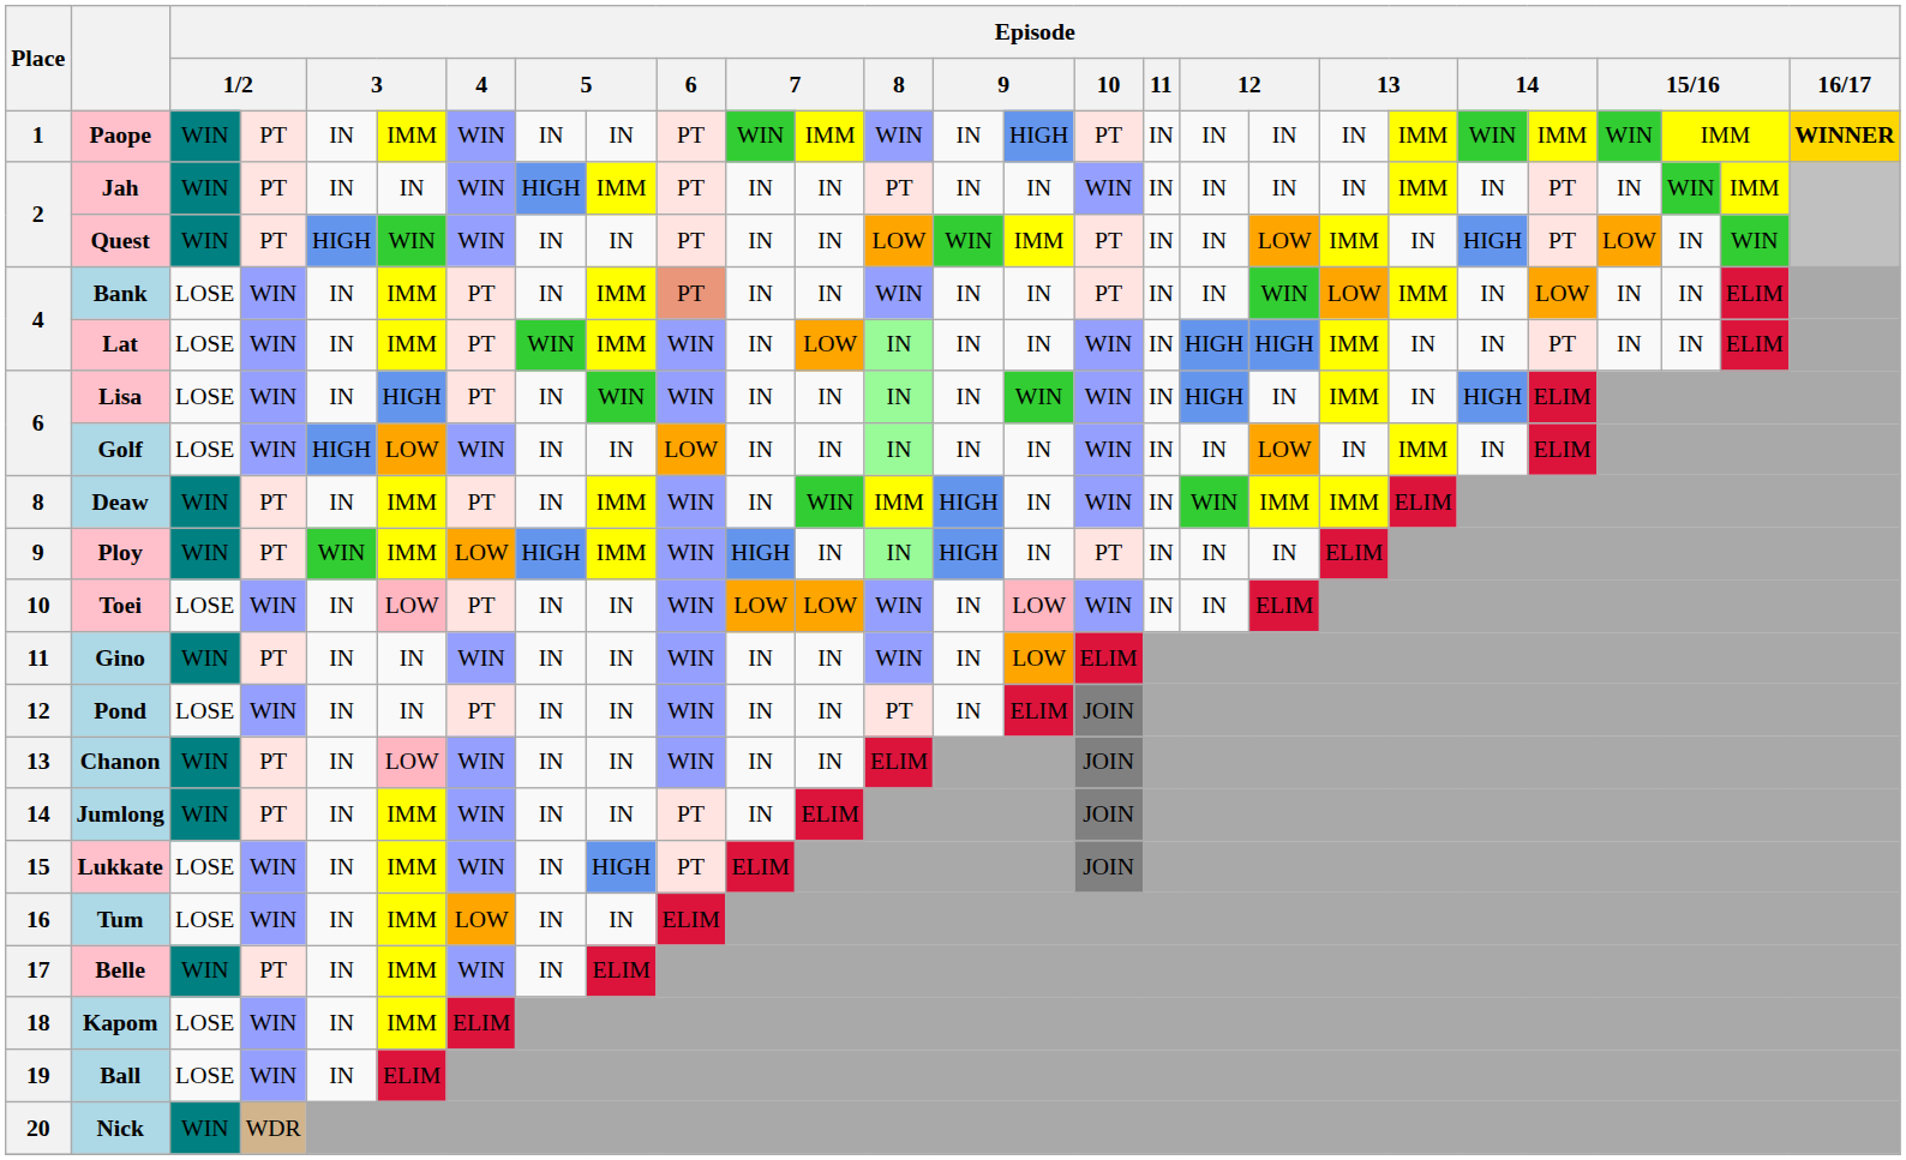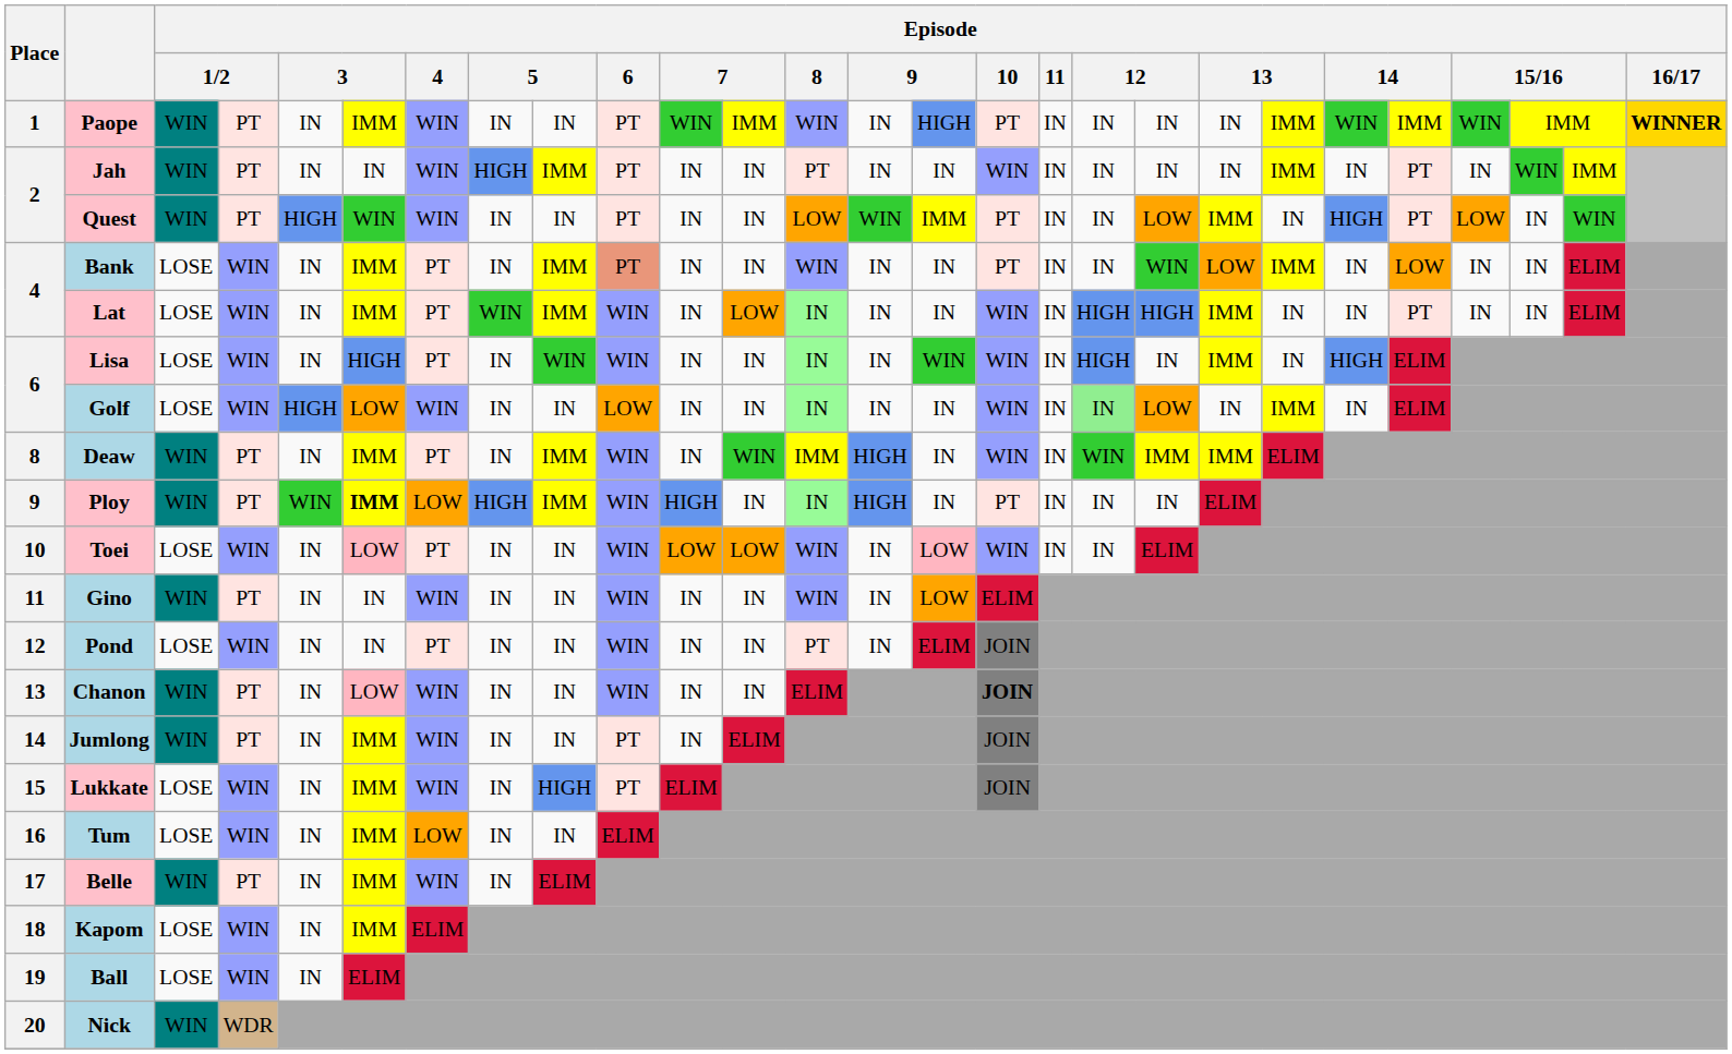 <table class="wikitable" style="text-align: center; font-size:90%; line-height:25px;">
 <tr>
 <th rowspan="2">Place</th>
 <th rowspan="2"></th>
 <th colspan="30">Episode</th>
 </tr>
 <tr>
 <th colspan="2">1/2</th>
 <th colspan="2">3</th>
 <th colspan="1">4</th>
 <th colspan="2">5</th>
 <th colspan="1">6</th>
 <th colspan="2">7</th>
 <th colspan="1">8</th>
 <th colspan="2">9</th>
 <th colspan="1">10</th>
 <th colspan="1">11</th>
 <th colspan="2">12</th>
 <th colspan="2">13</th>
 <th colspan="2">14</th>
 <th colspan="3">15/16</th>
 <th colspan="2">16/17</th>
 </tr>
 <tr>
 <th>1</th>
 <th style="background:pink;">Paope</th>
 <td style="background:teal;">WIN</td>
 <td style="background:mistyrose;">PT</td>
 <td>IN</td>
 <td style="background:yellow;">IMM</td>
 <td style="background:#959FFD;">WIN</td>
 <td>IN</td>
 <td>IN</td>
 <td style="background:mistyrose;">PT</td>
 <td style="background:limegreen;">WIN</td>
 <td style="background:yellow;">IMM</td>
 <td style="background:#959FFD;">WIN</td>
 <td>IN</td>
 <td style="background:cornflowerblue;">HIGH</td>
 <td style="background:mistyrose;">PT</td>
 <td>IN</td>
 <td>IN</td>
 <td>IN</td>
 <td>IN</td>
 <td style="background:yellow;">IMM</td>
 <td style="background:limegreen;">WIN</td>
 <td style="background:yellow;">IMM</td>
 <td style="background:limegreen;">WIN</td>
 <td colspan="2" style="background:yellow;">IMM</td>
 <td style="background:gold;"><strong>WINNER</strong></td>
 </tr>
 <tr>
 <th rowspan="2">2</th>
 <th style="background:pink;">Jah</th>
 <td style="background:teal;">WIN</td>
 <td style="background:mistyrose;">PT</td>
 <td>IN</td>
 <td>IN</td>
 <td style="background:#959FFD;">WIN</td>
 <td style="background:cornflowerblue;">HIGH</td>
 <td style="background:yellow;">IMM</td>
 <td style="background:mistyrose;">PT</td>
 <td>IN</td>
 <td>IN</td>
 <td style="background:mistyrose;">PT</td>
 <td>IN</td>
 <td>IN</td>
 <td style="background:#959FFD;">WIN</td>
 <td>IN</td>
 <td>IN</td>
 <td>IN</td>
 <td>IN</td>
 <td style="background:yellow;">IMM</td>
 <td>IN</td>
 <td style="background:mistyrose;">PT</td>
 <td>IN</td>
 <td style="background:limegreen;">WIN</td>
 <td style="background:yellow;">IMM</td>
 <td rowspan=2 bgcolor="silver"></td>
 </tr>
 <tr>
 <th style="background:pink;">Quest</th>
 <td style="background:teal;">WIN</td>
 <td style="background:mistyrose;">PT</td>
 <td style="background:cornflowerblue;">HIGH</td>
 <td style="background:limegreen;">WIN</td>
 <td style="background:#959FFD;">WIN</td>
 <td>IN</td>
 <td>IN</td>
 <td style="background:mistyrose;">PT</td>
 <td>IN</td>
 <td>IN</td>
 <td style="background:orange;">LOW</td>
 <td style="background:limegreen;">WIN</td>
 <td style="background:yellow;">IMM</td>
 <td style="background:mistyrose;">PT</td>
 <td>IN</td>
 <td>IN</td>
 <td style="background:orange;">LOW</td>
 <td style="background:yellow;">IMM</td>
 <td>IN</td>
 <td style="background:cornflowerblue;">HIGH</td>
 <td style="background:mistyrose;">PT</td>
 <td style="background:orange;">LOW</td>
 <td>IN</td>
 <td style="background:limegreen;">WIN</td>
 </tr>
 <tr>
 <th rowspan="2">4</th>
 <th style="background:lightblue;">Bank</th>
 <td>LOSE</td>
 <td style="background:#959FFD;">WIN</td>
 <td>IN</td>
 <td style="background:yellow;">IMM</td>
 <td style="background:mistyrose;">PT</td>
 <td>IN</td>
 <td style="background:yellow;">IMM</td>
 <td style="background:darksalmon;">PT</td>
 <td>IN</td>
 <td>IN</td>
 <td style="background:#959FFD;">WIN</td>
 <td>IN</td>
 <td>IN</td>
 <td style="background:mistyrose;">PT</td>
 <td>IN</td>
 <td>IN</td>
 <td style="background:limegreen;">WIN</td>
 <td style="background:orange;">LOW</td>
 <td style="background:yellow;">IMM</td>
 <td>IN</td>
 <td style="background:orange;">LOW</td>
 <td>IN</td>
 <td>IN</td>
 <td style="background:crimson;">ELIM</td>
 <td colspan="99" style="background:darkgrey;"></td>
 </tr>
 <tr>
 <th style="background:pink;">Lat</th>
 <td>LOSE</td>
 <td style="background:#959FFD;">WIN</td>
 <td>IN</td>
 <td style="background:yellow;">IMM</td>
 <td style="background:mistyrose;">PT</td>
 <td style="background:limegreen;">WIN</td>
 <td style="background:yellow;">IMM</td>
 <td style="background:#959FFD;">WIN</td>
 <td>IN</td>
 <td style="background:orange;">LOW</td>
 <td style="background:palegreen;">IN</td>
 <td>IN</td>
 <td>IN</td>
 <td style="background:#959FFD;">WIN</td>
 <td>IN</td>
 <td style="background:cornflowerblue;">HIGH</td>
 <td style="background:cornflowerblue;">HIGH</td>
 <td style="background:yellow;">IMM</td>
 <td>IN</td>
 <td>IN</td>
 <td style="background:mistyrose;">PT</td>
 <td>IN</td>
 <td>IN</td>
 <td style="background:crimson;">ELIM</td>
 <td colspan="99" style="background:darkgrey;"></td>
 </tr>
 <tr>
 <th rowspan="2">6</th>
 <th style="background:pink;">Lisa</th>
 <td>LOSE</td>
 <td style="background:#959FFD;">WIN</td>
 <td>IN</td>
 <td style="background:cornflowerblue;">HIGH</td>
 <td style="background:mistyrose;">PT</td>
 <td>IN</td>
 <td style="background:limegreen;">WIN</td>
 <td style="background:#959FFD;">WIN</td>
 <td>IN</td>
 <td>IN</td>
 <td style="background:palegreen;">IN</td>
 <td>IN</td>
 <td style="background:limegreen;">WIN</td>
 <td style="background:#959FFD;">WIN</td>
 <td>IN</td>
 <td style="background:cornflowerblue;">HIGH</td>
 <td>IN</td>
 <td style="background:yellow;">IMM</td>
 <td>IN</td>
 <td style="background:cornflowerblue;">HIGH</td>
 <td style="background:crimson;">ELIM</td>
 <td colspan="99" style="background:darkgrey;"></td>
 </tr>
 <tr>
 <th style="background:lightblue;">Golf</th>
 <td>LOSE</td>
 <td style="background:#959FFD;">WIN</td>
 <td style="background:cornflowerblue;">HIGH</td>
 <td style="background:orange;">LOW</td>
 <td style="background:#959FFD;">WIN</td>
 <td>IN</td>
 <td>IN</td>
 <td style="background:orange;">LOW</td>
 <td>IN</td>
 <td>IN</td>
 <td style="background:palegreen;">IN</td>
 <td>IN</td>
 <td>IN</td>
 <td style="background:#959FFD;">WIN</td>
 <td>IN</td>
-<td>IN</td>
+<td style="background: lightgreen;">IN</td>
 <td style="background:orange;">LOW</td>
 <td>IN</td>
 <td style="background:yellow;">IMM</td>
 <td>IN</td>
 <td style="background:crimson;">ELIM</td>
 <td colspan="99" style="background:darkgrey;"></td>
 </tr>
 <tr>
 <th>8</th>
 <th style="background:lightblue;">Deaw</th>
 <td style="background:teal;">WIN</td>
 <td style="background:mistyrose;">PT</td>
 <td>IN</td>
 <td style="background:yellow;">IMM</td>
 <td style="background:mistyrose;">PT</td>
 <td>IN</td>
 <td style="background:yellow;">IMM</td>
 <td style="background:#959FFD;">WIN</td>
 <td>IN</td>
 <td style="background:limegreen;">WIN</td>
 <td style="background:yellow;">IMM</td>
 <td style="background:cornflowerblue;">HIGH</td>
 <td>IN</td>
 <td style="background:#959FFD;">WIN</td>
 <td>IN</td>
 <td style="background:limegreen;">WIN</td>
 <td style="background:yellow;">IMM</td>
 <td style="background:yellow;">IMM</td>
 <td style="background:crimson;">ELIM</td>
 <td colspan="99" style="background:darkgrey;"></td>
 </tr>
 <tr>
 <th>9</th>
 <th style="background:pink;">Ploy</th>
 <td style="background:teal;">WIN</td>
 <td style="background:mistyrose;">PT</td>
 <td style="background:limegreen;">WIN</td>
-<td style="background:yellow;">IMM</td>
+<td style="background:yellow;"><strong>IMM</strong></td>
 <td style="background:orange;">LOW</td>
 <td style="background:cornflowerblue;">HIGH</td>
 <td style="background:yellow;">IMM</td>
 <td style="background:#959FFD;">WIN</td>
 <td style="background:cornflowerblue;">HIGH</td>
 <td>IN</td>
 <td style="background:palegreen;">IN</td>
 <td style="background:cornflowerblue;">HIGH</td>
 <td>IN</td>
 <td style="background:mistyrose;">PT</td>
 <td>IN</td>
 <td>IN</td>
 <td>IN</td>
 <td style="background:crimson;">ELIM</td>
 <td colspan="99" style="background:darkgrey;"></td>
 </tr>
 <tr>
 <th>10</th>
 <th style="background:pink;">Toei</th>
 <td>LOSE</td>
 <td style="background:#959FFD;">WIN</td>
 <td>IN</td>
 <td style="background:lightpink;">LOW</td>
 <td style="background:mistyrose;">PT</td>
 <td>IN</td>
 <td>IN</td>
 <td style="background:#959FFD;">WIN</td>
 <td style="background:orange;">LOW</td>
 <td style="background:orange;">LOW</td>
 <td style="background:#959FFD;">WIN</td>
 <td>IN</td>
 <td style="background:lightpink;">LOW</td>
 <td style="background:#959FFD;">WIN</td>
 <td>IN</td>
 <td>IN</td>
 <td style="background:crimson;">ELIM</td>
 <td colspan="99" style="background:darkgrey;"></td>
 </tr>
 <tr>
 <th>11</th>
 <th style="background:lightblue;">Gino</th>
 <td style="background:teal;">WIN</td>
 <td style="background:mistyrose;">PT</td>
 <td>IN</td>
 <td>IN</td>
 <td style="background:#959FFD;">WIN</td>
 <td>IN</td>
 <td>IN</td>
 <td style="background:#959FFD;">WIN</td>
 <td>IN</td>
 <td>IN</td>
 <td style="background:#959FFD;">WIN</td>
 <td>IN</td>
 <td style="background:orange;">LOW</td>
 <td style="background:crimson;">ELIM</td>
 <td colspan="99" style="background:darkgrey;"></td>
 </tr>
 <tr>
 <th>12</th>
 <th style="background:lightblue;">Pond</th>
 <td>LOSE</td>
 <td style="background:#959FFD;">WIN</td>
 <td>IN</td>
 <td>IN</td>
 <td style="background:mistyrose;">PT</td>
 <td>IN</td>
 <td>IN</td>
 <td style="background:#959FFD;">WIN</td>
 <td>IN</td>
 <td>IN</td>
 <td style="background:mistyrose;">PT</td>
 <td>IN</td>
 <td style="background:crimson;">ELIM</td>
 <td style="background:grey;">JOIN</td>
 <td colspan="99" style="background:darkgrey;"></td>
 </tr>
 <tr>
 <th>13</th>
 <th style="background:lightblue;">Chanon</th>
 <td style="background:teal;">WIN</td>
 <td style="background:mistyrose;">PT</td>
 <td>IN</td>
 <td style="background:lightpink;">LOW</td>
 <td style="background:#959FFD;">WIN</td>
 <td>IN</td>
 <td>IN</td>
 <td style="background:#959FFD;">WIN</td>
 <td>IN</td>
 <td>IN</td>
 <td style="background:crimson;">ELIM</td>
 <td colspan="2" style="background:darkgrey;"></td>
-<td style="background:grey;">JOIN</td>
+<td style="background:grey;"><strong>JOIN</strong></td>
 <td colspan="99" style="background:darkgrey;"></td>
 </tr>
 <tr>
 <th>14</th>
 <th style="background:lightblue;">Jumlong</th>
 <td style="background:teal;">WIN</td>
 <td style="background:mistyrose;">PT</td>
 <td>IN</td>
 <td style="background:yellow;">IMM</td>
 <td style="background:#959FFD;">WIN</td>
 <td>IN</td>
 <td>IN</td>
 <td style="background:mistyrose;">PT</td>
 <td>IN</td>
 <td style="background:crimson;">ELIM</td>
 <td colspan="3" style="background:darkgrey;"></td>
 <td style="background:grey;">JOIN</td>
 <td colspan="99" style="background:darkgrey;"></td>
 </tr>
 <tr>
 <th>15</th>
 <th style="background:pink;">Lukkate</th>
 <td>LOSE</td>
 <td style="background:#959FFD;">WIN</td>
 <td>IN</td>
 <td style="background:yellow;">IMM</td>
 <td style="background:#959FFD;">WIN</td>
 <td>IN</td>
 <td style="background:cornflowerblue;">HIGH</td>
 <td style="background:mistyrose;">PT</td>
 <td style="background:crimson;">ELIM</td>
 <td colspan="4" style="background:darkgrey;"></td>
 <td style="background:grey;">JOIN</td>
 <td colspan="99" style="background:darkgrey;"></td>
 </tr>
 <tr>
 <th>16</th>
 <th style="background:lightblue;">Tum</th>
 <td>LOSE</td>
 <td style="background:#959FFD;">WIN</td>
 <td>IN</td>
 <td style="background:yellow;">IMM</td>
 <td style="background:orange;">LOW</td>
 <td>IN</td>
 <td>IN</td>
 <td style="background:crimson;">ELIM</td>
 <td colspan="99" style="background:darkgrey;"></td>
 </tr>
 <tr>
 <th>17</th>
 <th style="background:pink;">Belle</th>
 <td style="background:teal;">WIN</td>
 <td style="background:mistyrose;">PT</td>
 <td>IN</td>
 <td style="background:yellow;">IMM</td>
 <td style="background:#959FFD;">WIN</td>
 <td>IN</td>
 <td style="background:crimson;">ELIM</td>
 <td colspan="99" style="background:darkgrey;"></td>
 </tr>
 <tr>
 <th>18</th>
 <th style="background:lightblue;">Kapom</th>
 <td>LOSE</td>
 <td style="background:#959FFD;">WIN</td>
 <td>IN</td>
 <td style="background:yellow;">IMM</td>
 <td style="background:crimson;">ELIM</td>
 <td colspan="99" style="background:darkgrey;"></td>
 </tr>
 <tr>
 <th>19</th>
 <th style="background:lightblue;">Ball</th>
 <td>LOSE</td>
 <td style="background:#959FFD;">WIN</td>
 <td>IN</td>
 <td style="background:crimson;">ELIM</td>
 <td colspan="99" style="background:darkgrey;"></td>
 </tr>
 <tr>
 <th>20</th>
 <th style="background:lightblue;">Nick</th>
 <td style="background:teal;">WIN</td>
 <td style="background:tan;">WDR</td>
 <td style="background:darkgrey;" colspan="35"></td>
 </tr>
 <tr>
 </tr>
 </table>
